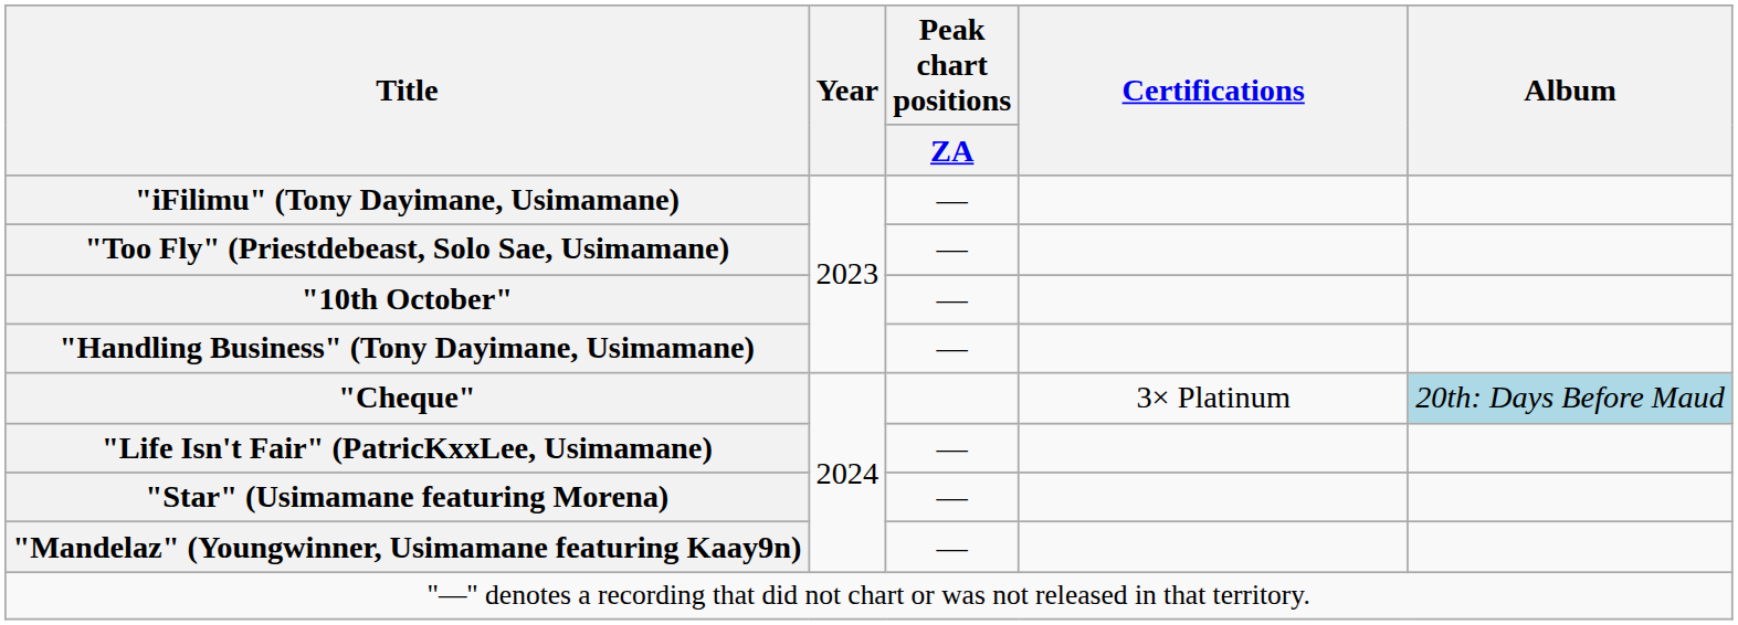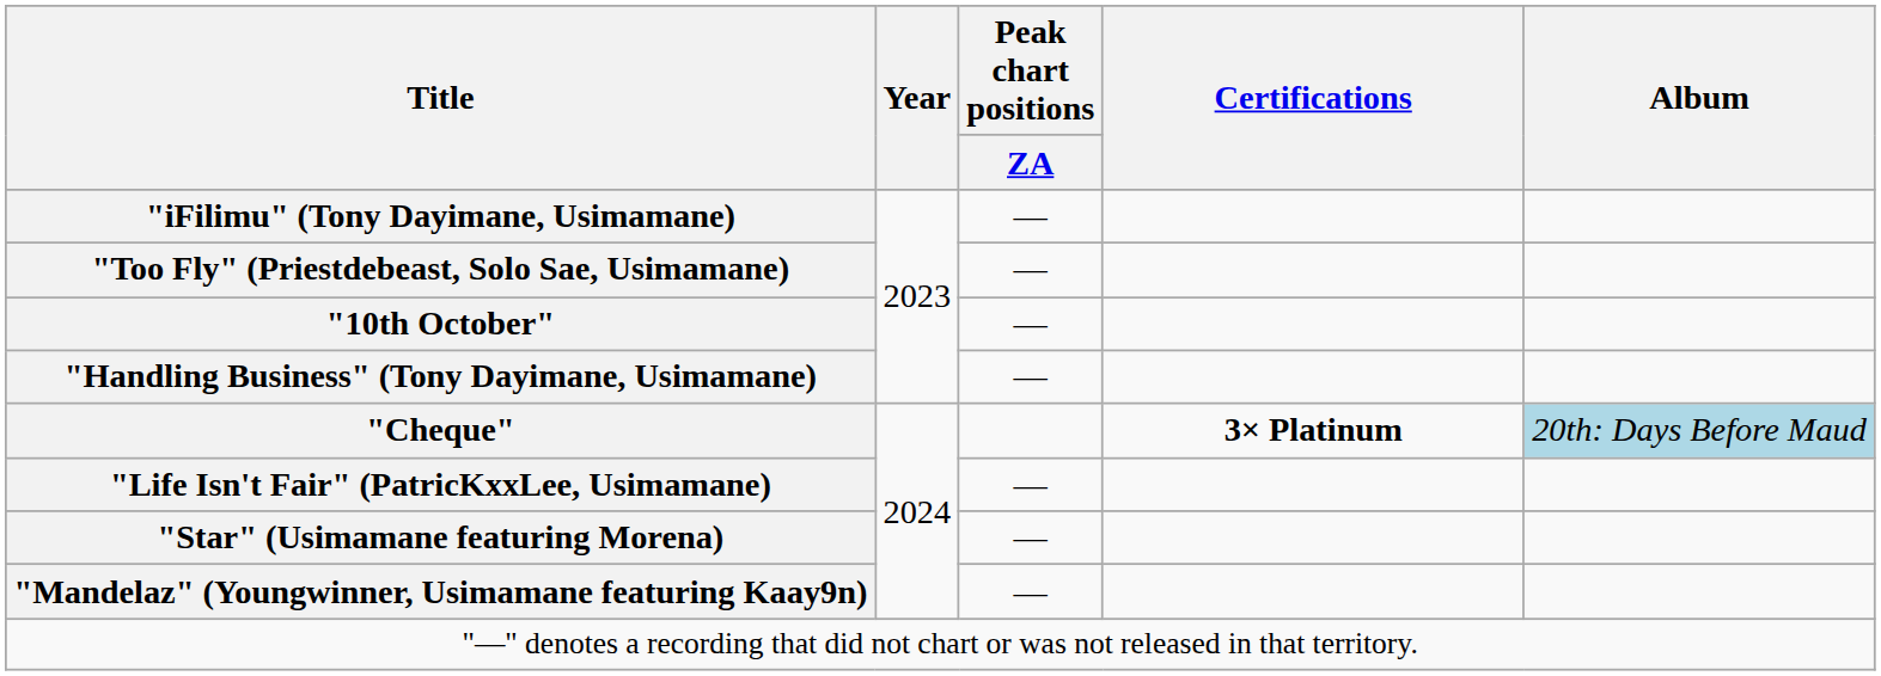 <table class="wikitable plainrowheaders" style="text-align:center;">
 <tr>
 <th scope="col" rowspan="2">Title</th>
 <th scope="col" rowspan="2">Year</th>
 <th scope="col" colspan="1">Peak chart positions</th>
 <th scope="col" rowspan="2" style="width:12em;"><a href='#'>Certifications</a></th>
 <th scope="col" rowspan="2">Album</th>
 </tr>
 <tr>
 <th scope="col" style="width:3em;font-size:100%;"><a href='#'>ZA</a><br></th>
 </tr>
 <tr>
 <th scope="row">"iFilimu" (Tony Dayimane, Usimamane)</th>
 <td rowspan=4>2023</td>
 <td>—</td>
 <td></td>
 <td></td>
 </tr>
 <tr>
 <th scope="row">"Too Fly" (Priestdebeast, Solo Sae, Usimamane)</th>
 <td>—</td>
 <td></td>
 <td></td>
 </tr>
 <tr>
 <th scope="row">"10th October"</th>
 <td>—</td>
 <td></td>
 <td></td>
 </tr>
 <tr>
 <th scope="row">"Handling Business" (Tony Dayimane, Usimamane)</th>
 <td>—</td>
 <td></td>
 <td></td>
 </tr>
 <tr>
 <th scope="row">"Cheque"</th>
 <td rowspan=4>2024</td>
 <td></td>
-<td>3× Platinum</td>
+<td><strong>3× Platinum</strong></td>
 <td style="background: lightblue;"><em>20th: Days Before Maud</em></td>
 </tr>
 <tr>
 <th scope="row">"Life Isn't Fair" (PatricKxxLee, Usimamane)</th>
 <td>—</td>
 <td></td>
 <td></td>
 </tr>
 <tr>
 <th scope="row">"Star" (Usimamane featuring Morena)</th>
 <td>—</td>
 <td></td>
 <td></td>
 </tr>
 <tr>
 <th scope="row">"Mandelaz" (Youngwinner, Usimamane featuring Kaay9n)</th>
 <td>—</td>
 <td></td>
 <td></td>
 </tr>
 <tr>
 <td colspan="8" style="font-size:90%">"—" denotes a recording that did not chart or was not released in that territory.</td>
 </tr>
 </table>
